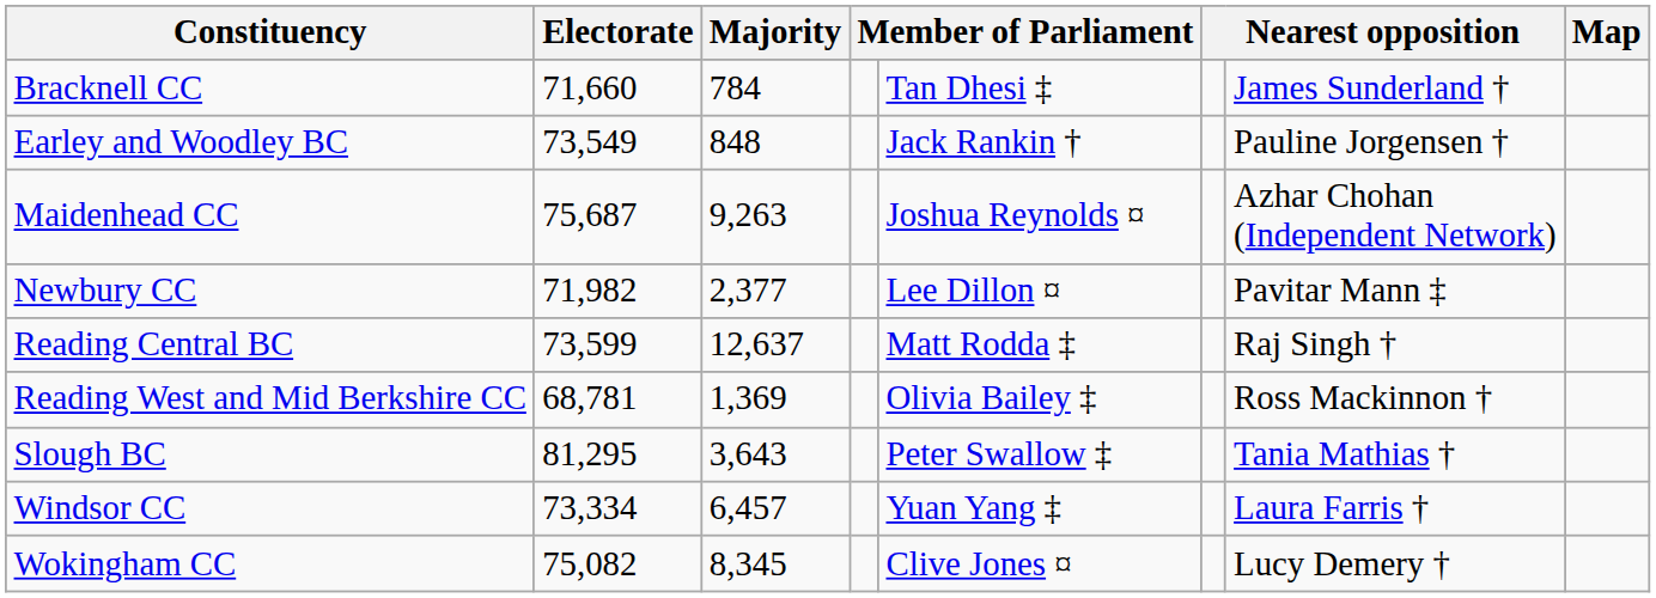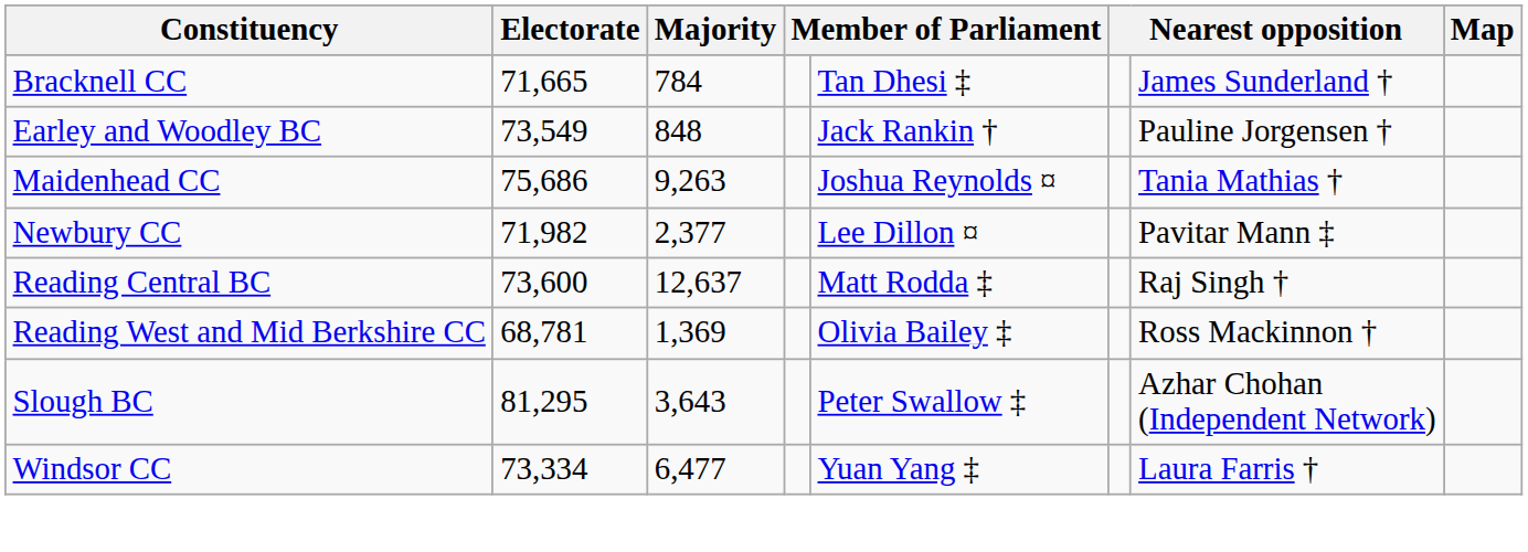 <table class="wikitable sortable">
 <tr>
 <th>Constituency</th>
 <th rowspan=1>Electorate</th>
 <th rowspan=1>Majority</th>
 <th colspan=2 class=unsortable>Member of Parliament</th>
 <th colspan=2 class=unsortable>Nearest opposition</th>
 <th rowspan=1 class=unsortable>Map</th>
 </tr>
 <tr>
 <td><a href='#'>Bracknell CC</a></td>
-<td>71,660</td>
+<td>71,665</td>
 <td>784</td>
 <td style="color:inherit;background:"> </td>
 <td><a href='#'>Tan Dhesi</a> ‡</td>
 <td style="color:inherit;background:"> </td>
 <td><a href='#'>James Sunderland</a> †</td>
 <td></td>
 </tr>
 <tr>
 <td><a href='#'>Earley and Woodley BC</a></td>
 <td>73,549</td>
 <td>848</td>
 <td style="color:inherit;background:"> </td>
 <td><a href='#'>Jack Rankin</a> †</td>
 <td style="color:inherit;background:"> </td>
 <td>Pauline Jorgensen †</td>
 <td></td>
 </tr>
 <tr>
 <td><a href='#'>Maidenhead CC</a></td>
-<td>75,687</td>
+<td>75,686</td>
 <td>9,263</td>
 <td style="color:inherit;background:"> </td>
 <td><a href='#'>Joshua Reynolds</a> ¤</td>
 <td style="color:inherit;background:"> </td>
-<td>Azhar Chohan<br>(<a href='#'>Independent Network</a>)</td>
+<td><a href='#'>Tania Mathias</a> †</td>
 <td></td>
 </tr>
 <tr>
 <td><a href='#'>Newbury CC</a></td>
 <td>71,982</td>
 <td>2,377</td>
 <td style="color:inherit;background:"> </td>
 <td><a href='#'>Lee Dillon</a> ¤</td>
 <td style="color:inherit;background:"> </td>
 <td>Pavitar Mann ‡</td>
 <td></td>
 </tr>
 <tr>
 <td><a href='#'>Reading Central BC</a></td>
-<td>73,599</td>
+<td>73,600</td>
 <td>12,637</td>
 <td style="color:inherit;background:"> </td>
 <td><a href='#'>Matt Rodda</a> ‡</td>
 <td style="color:inherit;background:"> </td>
 <td>Raj Singh †</td>
 <td></td>
 </tr>
 <tr>
 <td><a href='#'>Reading West and Mid Berkshire CC</a></td>
 <td>68,781</td>
 <td>1,369</td>
 <td style="color:inherit;background:"> </td>
 <td><a href='#'>Olivia Bailey</a> ‡</td>
 <td style="color:inherit;background:"> </td>
 <td>Ross Mackinnon †</td>
 <td></td>
 </tr>
 <tr>
 <td><a href='#'>Slough BC</a></td>
 <td>81,295</td>
 <td>3,643</td>
 <td style="color:inherit;background:"> </td>
 <td><a href='#'>Peter Swallow</a> ‡</td>
 <td style="color:inherit;background:"> </td>
-<td><a href='#'>Tania Mathias</a> †</td>
+<td>Azhar Chohan<br>(<a href='#'>Independent Network</a>)</td>
 <td></td>
 </tr>
 <tr>
 <td><a href='#'>Windsor CC</a></td>
 <td>73,334</td>
-<td>6,457</td>
+<td>6,477</td>
 <td style="color:inherit;background:"> </td>
 <td><a href='#'>Yuan Yang</a> ‡</td>
 <td style="color:inherit;background:"> </td>
 <td><a href='#'>Laura Farris</a> †</td>
 <td></td>
 </tr>
-<tr>
-<td><a href='#'>Wokingham CC</a></td>
-<td>75,082</td>
-<td>8,345</td>
-<td style="color:inherit;background:"> </td>
-<td><a href='#'>Clive Jones</a> ¤</td>
-<td style="color:inherit;background:"> </td>
-<td>Lucy Demery †</td>
-<td></td>
-</tr>
 </table>
